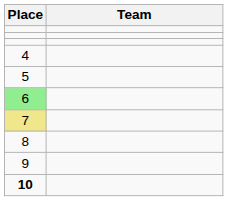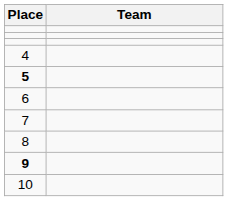 <table class="wikitable" style="text-align:center;">
 <tr>
 <th width=30>Place</th>
 <th width=200>Team</th>
 </tr>
 <tr>
 <td></td>
 <td align="left"></td>
 </tr>
 <tr>
 <td></td>
 <td align="left"></td>
 </tr>
 <tr>
 <td></td>
 <td align="left"></td>
 </tr>
 <tr>
 <td>4</td>
 <td align="left"></td>
 </tr>
 <tr>
-<td>5</td>
+<td><strong>5</strong></td>
 <td align="left"></td>
 </tr>
 <tr>
-<td style="background: lightgreen;">6</td>
+<td>6</td>
 <td align="left"></td>
 </tr>
 <tr>
-<td style="background: khaki;">7</td>
+<td>7</td>
 <td align="left"></td>
 </tr>
 <tr>
 <td>8</td>
 <td align="left"></td>
 </tr>
 <tr>
-<td>9</td>
+<td><strong>9</strong></td>
 <td align="left"></td>
 </tr>
 <tr>
-<td><strong>10</strong></td>
+<td>10</td>
 <td align="left"></td>
 </tr>
 </table>
